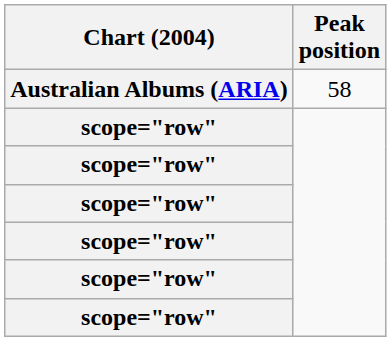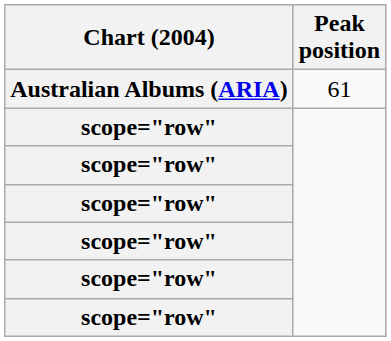 <table class="wikitable plainrowheaders sortable" style="text-align:center;">
 <tr>
 <th scope="col">Chart (2004)</th>
 <th scope="col">Peak<br>position</th>
 </tr>
 <tr>
 <th scope="row">Australian Albums (<a href='#'>ARIA</a>)</th>
-<td>58</td>
+<td>61</td>
 </tr>
 <tr>
 <th>scope="row"</th>
 </tr>
 <tr>
 <th>scope="row"</th>
 </tr>
 <tr>
 <th>scope="row"</th>
 </tr>
 <tr>
 <th>scope="row"</th>
 </tr>
 <tr>
 <th>scope="row"</th>
 </tr>
 <tr>
 <th>scope="row"</th>
 </tr>
 </table>
